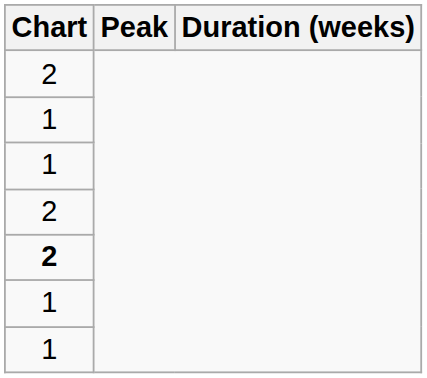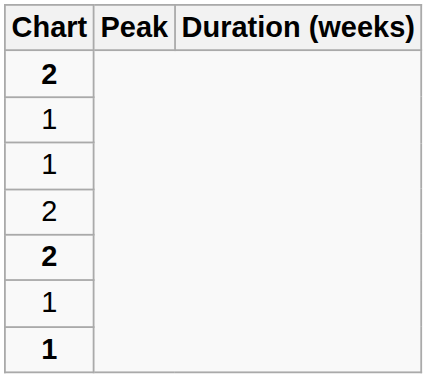 <table class="wikitable sortable plainrowheaders" style="text-align:center;">
 <tr>
 <th scope="col">Chart</th>
 <th scope="col">Peak</th>
 <th scope="col">Duration (weeks)</th>
 </tr>
 <tr>
-<td>2</td>
+<td><strong>2</strong></td>
 </tr>
 <tr>
 <td>1</td>
 </tr>
 <tr>
 <td>1</td>
 </tr>
 <tr>
 <td>2</td>
 </tr>
 <tr>
 <td><strong>2</strong></td>
 </tr>
 <tr>
 <td>1</td>
 </tr>
 <tr>
-<td>1</td>
+<td><strong>1</strong></td>
 </tr>
 </table>
